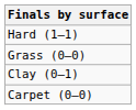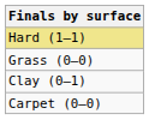 <table class="wikitable" style="font-size:90%;">
 <tr style="background:#eee;">
 <th>Finals by surface</th>
 </tr>
 <tr>
-<td>Hard (1–1)</td>
+<td style="background: khaki;">Hard (1–1)</td>
 </tr>
 <tr>
 <td>Grass (0–0)</td>
 </tr>
 <tr>
 <td>Clay (0–1)</td>
 </tr>
 <tr>
 <td>Carpet (0–0)</td>
 </tr>
 </table>
